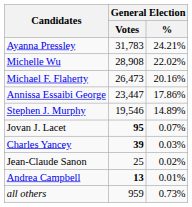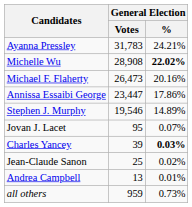 <table class=wikitable>
 <tr>
 <th colspan=1 rowspan=2><strong>Candidates</strong></th>
 <th colspan=2><strong>General Election</strong></th>
 </tr>
 <tr>
 <th>Votes</th>
 <th>%</th>
 </tr>
 <tr>
 <td><a href='#'>Ayanna Pressley</a></td>
 <td align="right">31,783</td>
 <td align="right">24.21%</td>
 </tr>
 <tr>
 <td><a href='#'>Michelle Wu</a></td>
 <td align="right">28,908</td>
-<td align="right">22.02%</td>
+<td align="right"><strong>22.02%</strong></td>
 </tr>
 <tr>
 <td><a href='#'>Michael F. Flaherty</a></td>
 <td align="right">26,473</td>
 <td align="right">20.16%</td>
 </tr>
 <tr>
 <td><a href='#'>Annissa Essaibi George</a></td>
 <td align="right">23,447</td>
 <td align="right">17.86%</td>
 </tr>
 <tr>
 <td><a href='#'>Stephen J. Murphy</a></td>
 <td align="right">19,546</td>
 <td align="right">14.89%</td>
 </tr>
 <tr>
 <td>Jovan J. Lacet</td>
-<td align="right"><strong>95</strong></td>
+<td align="right">95</td>
 <td align="right">0.07%</td>
 </tr>
 <tr>
 <td><a href='#'>Charles Yancey</a></td>
-<td align="right"><strong>39</strong></td>
-<td align="right">0.03%</td>
+<td align="right">39</td>
+<td align="right"><strong>0.03%</strong></td>
 </tr>
 <tr>
 <td>Jean-Claude Sanon</td>
 <td align="right">25</td>
 <td align="right">0.02%</td>
 </tr>
 <tr>
 <td><a href='#'>Andrea Campbell</a></td>
-<td align="right"><strong>13</strong></td>
+<td align="right">13</td>
 <td align="right">0.01%</td>
 </tr>
 <tr>
 <td><em>all others</em></td>
 <td align="right">959</td>
 <td align="right">0.73%</td>
 </tr>
 </table>
